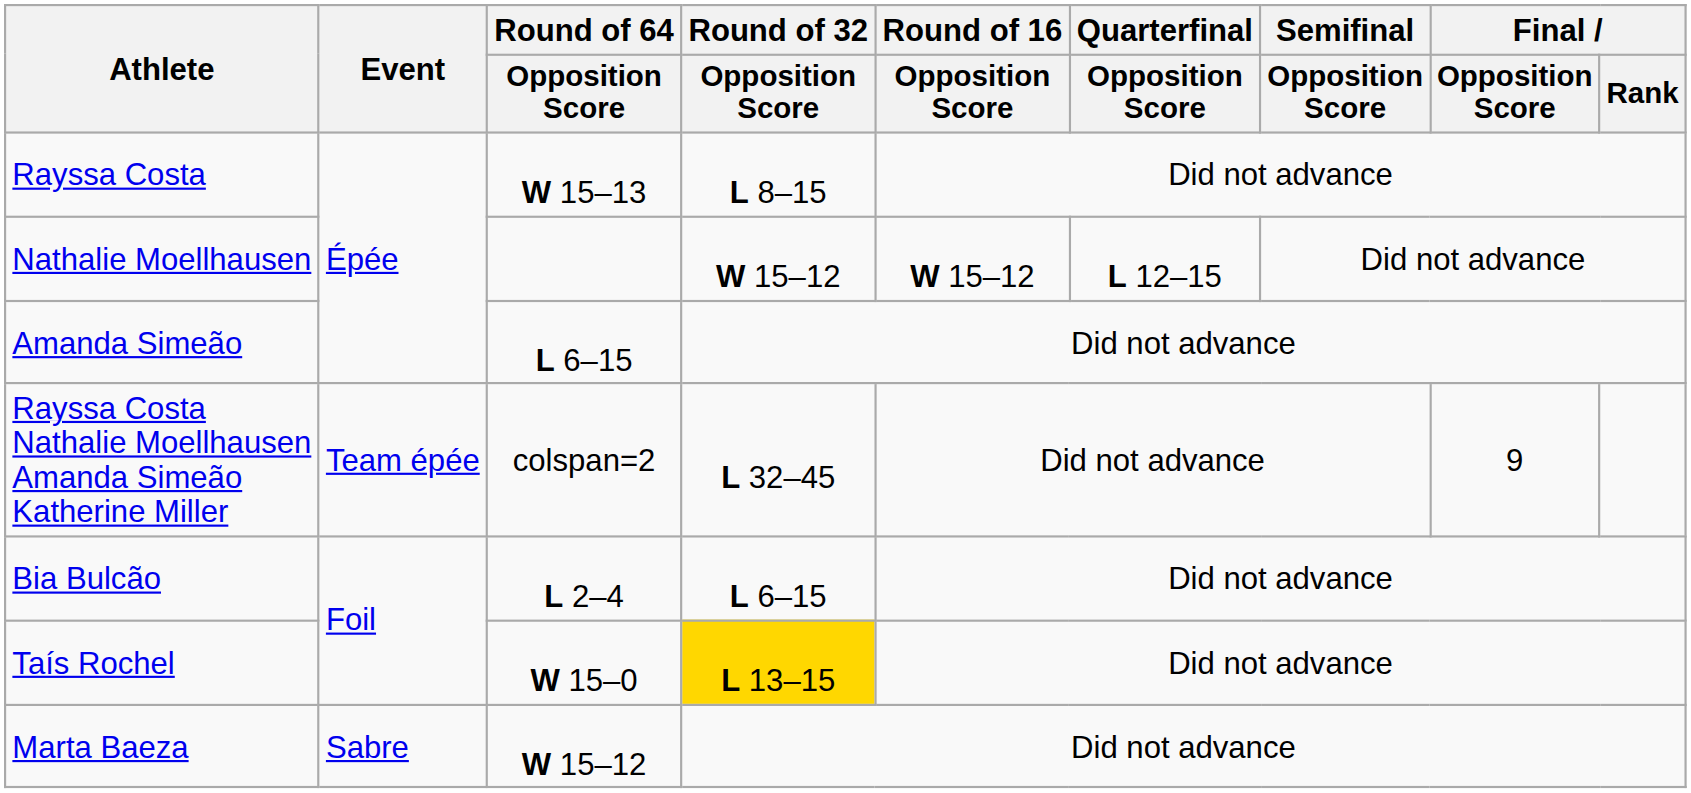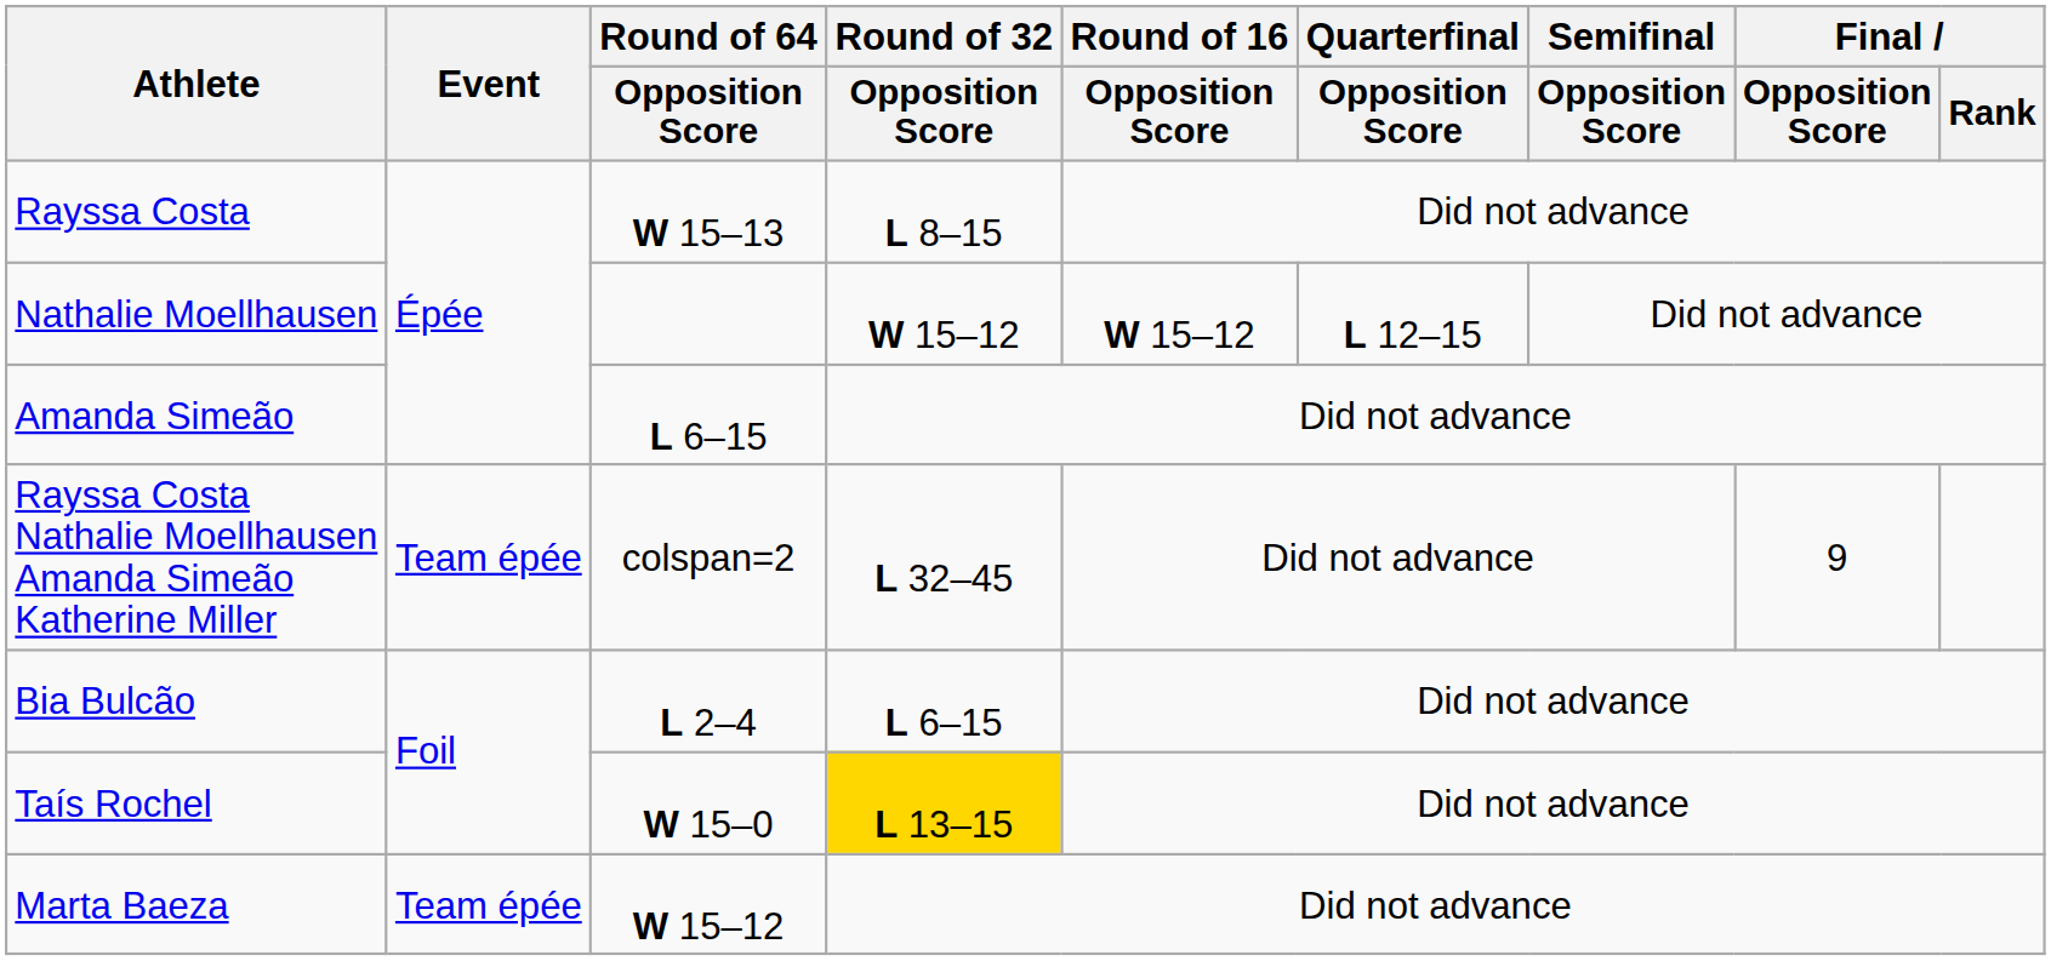 <table class="wikitable" style="font-size:90%">
 <tr>
 <th rowspan=2>Athlete</th>
 <th rowspan=2>Event</th>
 <th>Round of 64</th>
 <th>Round of 32</th>
 <th>Round of 16</th>
 <th>Quarterfinal</th>
 <th>Semifinal</th>
 <th colspan=2>Final / </th>
 </tr>
 <tr style="font-size:95%">
 <th>Opposition<br>Score</th>
 <th>Opposition<br>Score</th>
 <th>Opposition<br>Score</th>
 <th>Opposition<br>Score</th>
 <th>Opposition<br>Score</th>
 <th>Opposition<br>Score</th>
 <th>Rank</th>
 </tr>
 <tr align=center>
 <td align=left><a href='#'>Rayssa Costa</a></td>
 <td align=left rowspan=3><a href='#'>Épée</a></td>
 <td><br><strong>W</strong> 15–13</td>
 <td><br><strong>L</strong> 8–15</td>
 <td colspan=5>Did not advance</td>
 </tr>
 <tr align=center>
 <td align=left><a href='#'>Nathalie Moellhausen</a></td>
 <td></td>
 <td><br><strong>W</strong> 15–12</td>
 <td><br><strong>W</strong> 15–12</td>
 <td><br><strong>L</strong> 12–15</td>
 <td colspan=3>Did not advance</td>
 </tr>
 <tr align=center>
 <td align=left><a href='#'>Amanda Simeão</a></td>
 <td><br><strong>L</strong> 6–15</td>
 <td colspan=6>Did not advance</td>
 </tr>
 <tr align=center>
 <td align=left><a href='#'>Rayssa Costa</a><br><a href='#'>Nathalie Moellhausen</a><br><a href='#'>Amanda Simeão</a><br><a href='#'>Katherine Miller</a></td>
 <td align=left><a href='#'>Team épée</a></td>
 <td>colspan=2 </td>
 <td><br><strong>L</strong> 32–45</td>
 <td colspan=3>Did not advance</td>
 <td>9</td>
 </tr>
 <tr align=center>
 <td align=left><a href='#'>Bia Bulcão</a></td>
 <td align=left rowspan=2><a href='#'>Foil</a></td>
 <td><br><strong>L</strong> 2–4</td>
 <td><br><strong>L</strong> 6–15</td>
 <td colspan=5>Did not advance</td>
 </tr>
 <tr align=center>
 <td align=left><a href='#'>Taís Rochel</a></td>
 <td><br><strong>W</strong> 15–0</td>
 <td style="background: gold;"><br><strong>L</strong> 13–15</td>
 <td colspan=5>Did not advance</td>
 </tr>
 <tr align=center>
 <td align=left><a href='#'>Marta Baeza</a></td>
-<td align=left><a href='#'>Sabre</a></td>
+<td align=left><a href='#'>Team épée</a></td>
 <td><br><strong>W</strong> 15–12</td>
 <td colspan=6>Did not advance</td>
 </tr>
 </table>
